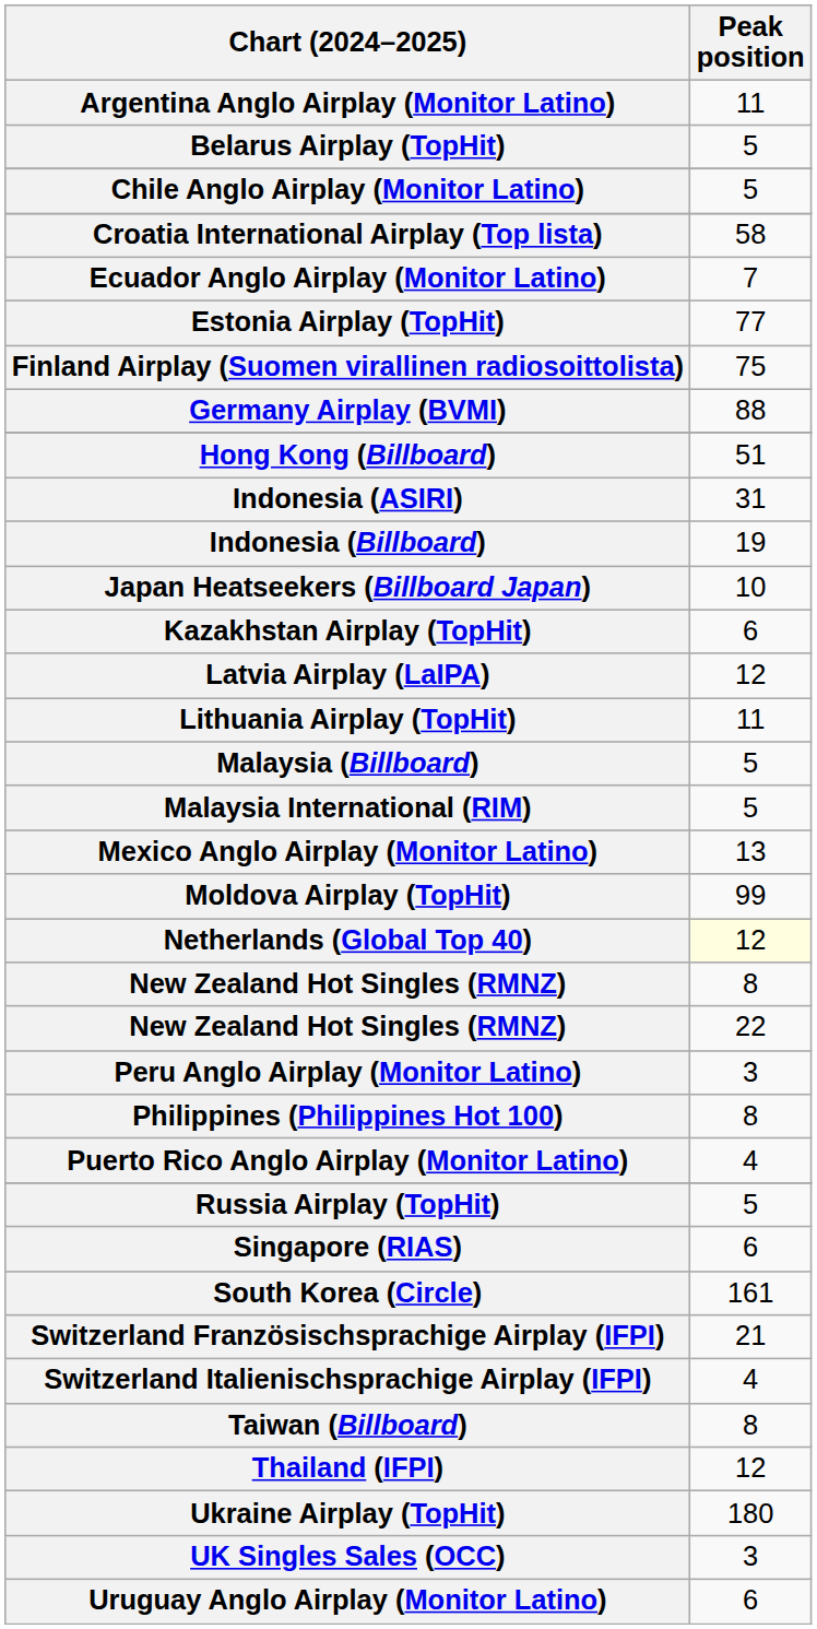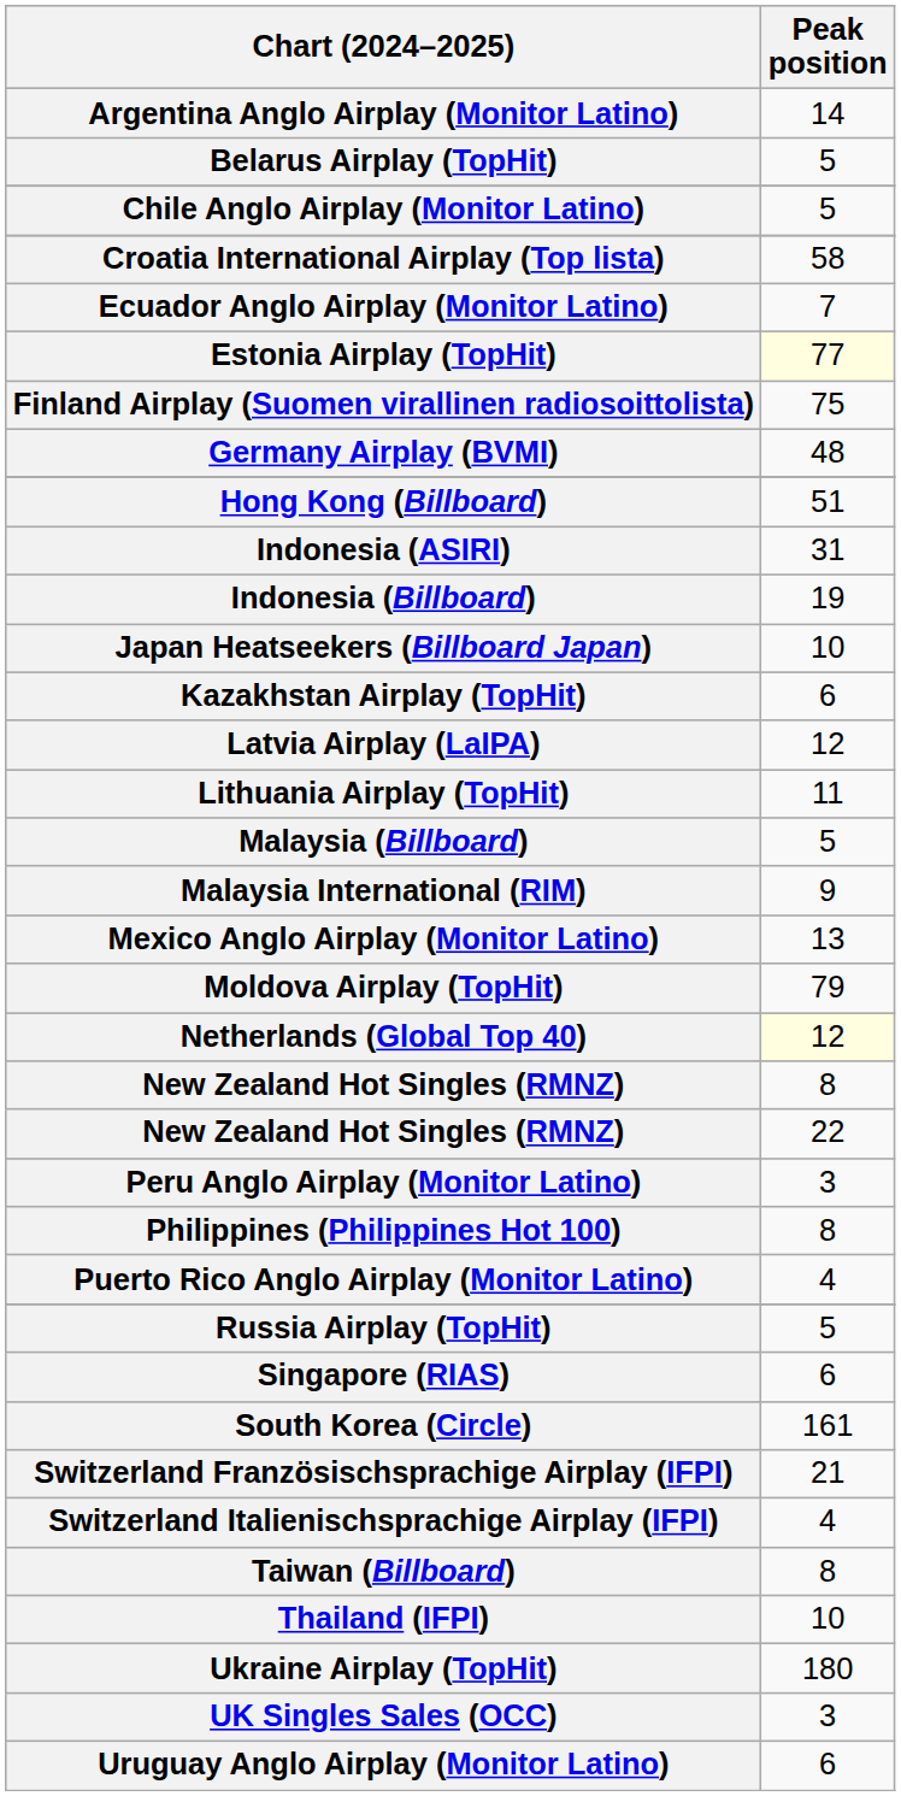 <table class="wikitable sortable plainrowheaders" style="text-align:center">
 <tr>
 <th scope="col">Chart (2024–2025)</th>
 <th scope="col">Peak<br>position</th>
 </tr>
 <tr>
 <th scope="row">Argentina Anglo Airplay (<a href='#'>Monitor Latino</a>)</th>
-<td>11</td>
+<td>14</td>
 </tr>
 <tr>
 <th scope="row">Belarus Airplay (<a href='#'>TopHit</a>)</th>
 <td>5</td>
 </tr>
 <tr>
 </tr>
 <tr>
 <th scope="row">Chile Anglo Airplay (<a href='#'>Monitor Latino</a>)</th>
 <td>5</td>
 </tr>
 <tr>
 </tr>
 <tr>
 <th scope="row">Croatia International Airplay (<a href='#'>Top lista</a>)</th>
 <td>58</td>
 </tr>
 <tr>
 <th scope="row">Ecuador Anglo Airplay (<a href='#'>Monitor Latino</a>)</th>
 <td>7</td>
 </tr>
 <tr>
 <th scope="row">Estonia Airplay (<a href='#'>TopHit</a>)</th>
-<td>77</td>
+<td style="background: lightyellow;">77</td>
 </tr>
 <tr>
 <th scope="row">Finland Airplay (<a href='#'>Suomen virallinen radiosoittolista</a>)</th>
 <td>75</td>
 </tr>
 <tr>
 <th scope="row"><a href='#'>Germany Airplay</a> (<a href='#'>BVMI</a>)</th>
-<td>88</td>
+<td>48</td>
 </tr>
 <tr>
 </tr>
 <tr>
 <th scope="row"><a href='#'>Hong Kong</a> (<em><a href='#'>Billboard</a></em>)</th>
 <td>51</td>
 </tr>
 <tr>
 <th scope="row">Indonesia (<a href='#'>ASIRI</a>)</th>
 <td>31</td>
 </tr>
 <tr>
 <th scope="row">Indonesia (<em><a href='#'>Billboard</a></em>)</th>
 <td>19</td>
 </tr>
 <tr>
 <th scope="row">Japan Heatseekers (<em><a href='#'>Billboard Japan</a></em>)</th>
 <td>10</td>
 </tr>
 <tr>
 <th scope="row">Kazakhstan Airplay (<a href='#'>TopHit</a>)</th>
 <td>6</td>
 </tr>
 <tr>
 <th scope="row">Latvia Airplay (<a href='#'>LaIPA</a>)</th>
 <td>12</td>
 </tr>
 <tr>
 <th scope="row">Lithuania Airplay (<a href='#'>TopHit</a>)</th>
 <td>11</td>
 </tr>
 <tr>
 <th scope="row">Malaysia (<em><a href='#'>Billboard</a></em>)</th>
 <td>5</td>
 </tr>
 <tr>
 <th scope="row">Malaysia International (<a href='#'>RIM</a>)</th>
-<td>5</td>
+<td>9</td>
 </tr>
 <tr>
 <th scope="row">Mexico Anglo Airplay (<a href='#'>Monitor Latino</a>)</th>
 <td>13</td>
 </tr>
 <tr>
 <th scope="row">Moldova Airplay (<a href='#'>TopHit</a>)</th>
-<td>99</td>
+<td>79</td>
 </tr>
 <tr>
 <th scope="row">Netherlands (<a href='#'>Global Top 40</a>)</th>
 <td style="background: lightyellow;">12</td>
 </tr>
 <tr>
 <th scope="row">New Zealand Hot Singles (<a href='#'>RMNZ</a>)</th>
 <td>8</td>
 </tr>
 <tr>
 <th scope="row">New Zealand Hot Singles (<a href='#'>RMNZ</a>)<br></th>
 <td>22</td>
 </tr>
 <tr>
 <th scope="row">Peru Anglo Airplay (<a href='#'>Monitor Latino</a>)</th>
 <td>3</td>
 </tr>
 <tr>
 <th scope="row">Philippines (<a href='#'>Philippines Hot 100</a>)</th>
 <td>8</td>
 </tr>
 <tr>
 <th scope="row">Puerto Rico Anglo Airplay (<a href='#'>Monitor Latino</a>)</th>
 <td>4</td>
 </tr>
 <tr>
 </tr>
 <tr>
 <th scope="row">Russia Airplay (<a href='#'>TopHit</a>)</th>
 <td>5</td>
 </tr>
 <tr>
 <th scope="row">Singapore (<a href='#'>RIAS</a>)</th>
 <td>6</td>
 </tr>
 <tr>
 <th scope="row">South Korea (<a href='#'>Circle</a>)</th>
 <td>161</td>
 </tr>
 <tr>
 <th scope="row">Switzerland Französischsprachige Airplay (<a href='#'>IFPI</a>)</th>
 <td>21</td>
 </tr>
 <tr>
 <th scope="row">Switzerland Italienischsprachige Airplay (<a href='#'>IFPI</a>)</th>
 <td>4</td>
 </tr>
 <tr>
 <th scope="row">Taiwan (<em><a href='#'>Billboard</a></em>)</th>
 <td>8</td>
 </tr>
 <tr>
 <th scope="row"><a href='#'>Thailand</a> (<a href='#'>IFPI</a>)</th>
-<td>12</td>
+<td>10</td>
 </tr>
 <tr>
 <th scope="row">Ukraine Airplay (<a href='#'>TopHit</a>)</th>
 <td>180</td>
 </tr>
 <tr>
 <th scope="row"><a href='#'>UK Singles Sales</a> (<a href='#'>OCC</a>)</th>
 <td>3</td>
 </tr>
 <tr>
 <th scope="row">Uruguay Anglo Airplay (<a href='#'>Monitor Latino</a>)</th>
 <td>6</td>
 </tr>
 <tr>
 </tr>
 <tr>
 </tr>
 <tr>
 </tr>
 <tr>
 </tr>
 <tr>
 </tr>
 <tr>
 </tr>
 </table>
